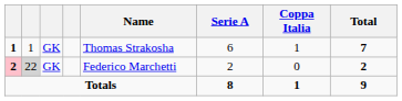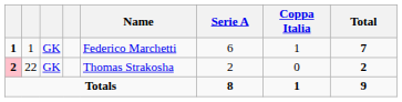 <table class="wikitable" style="text-align:center">
 <tr>
 <th width=15></th>
 <th width=15></th>
 <th width=15></th>
 <th width=15></th>
 <th width=145>Name</th>
 <th width=80><a href='#'>Serie A</a></th>
 <th width=80><a href='#'>Coppa Italia</a></th>
 <th width=80>Total</th>
 </tr>
 <tr>
 <td><strong>1</strong></td>
 <td>1</td>
 <td><a href='#'>GK</a></td>
 <td></td>
-<td align=left><a href='#'>Thomas Strakosha</a></td>
+<td align=left><a href='#'>Federico Marchetti</a></td>
 <td>6</td>
 <td>1</td>
 <td><strong>7</strong></td>
 </tr>
 <tr>
 <td style="background: pink;"><strong>2</strong></td>
-<td style="background: lightgrey;">22</td>
+<td>22</td>
 <td><a href='#'>GK</a></td>
 <td></td>
-<td align=left><a href='#'>Federico Marchetti</a></td>
+<td align=left><a href='#'>Thomas Strakosha</a></td>
 <td>2</td>
 <td>0</td>
 <td><strong>2</strong></td>
 </tr>
 <tr>
 <td colspan=5><strong>Totals</strong></td>
 <td><strong>8</strong></td>
 <td><strong>1</strong></td>
 <td><strong>9</strong></td>
 </tr>
 </table>
